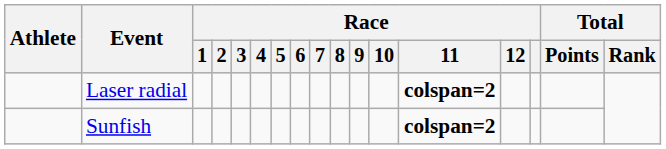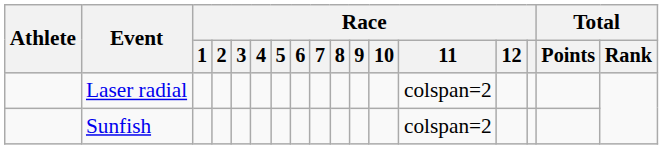 <table class=wikitable style=font-size:90%;text-align:center>
 <tr>
 <th rowspan=2>Athlete</th>
 <th rowspan=2>Event</th>
 <th colspan=13>Race</th>
 <th colspan=2>Total</th>
 </tr>
 <tr style=font-size:95%>
 <th>1</th>
 <th>2</th>
 <th>3</th>
 <th>4</th>
 <th>5</th>
 <th>6</th>
 <th>7</th>
 <th>8</th>
 <th>9</th>
 <th>10</th>
 <th>11</th>
 <th>12</th>
 <th></th>
 <th>Points</th>
 <th>Rank</th>
 </tr>
 <tr>
 <td align=left></td>
 <td align=left><a href='#'>Laser radial</a></td>
 <td></td>
 <td></td>
 <td></td>
 <td></td>
 <td></td>
 <td></td>
 <td></td>
 <td></td>
 <td></td>
 <td></td>
-<td><strong>colspan=2 </strong></td>
+<td>colspan=2 </td>
 <td></td>
 <td></td>
 <td></td>
 </tr>
 <tr>
 <td align=left></td>
 <td align=left><a href='#'>Sunfish</a></td>
 <td></td>
 <td></td>
 <td></td>
 <td></td>
 <td></td>
 <td></td>
 <td></td>
 <td></td>
 <td></td>
 <td></td>
-<td><strong>colspan=2 </strong></td>
+<td>colspan=2 </td>
 <td></td>
 <td></td>
 <td></td>
 </tr>
 </table>
